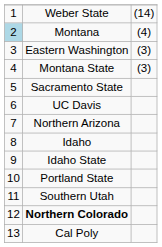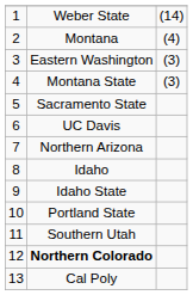 <table class="wikitable" style="display: inline-table;">
 <tr align="center">
 </tr>
 <tr align="center">
 <td>1</td>
 <td>Weber State</td>
 <td>(14)</td>
 </tr>
 <tr align="center">
-<td style="background: lightblue;">2</td>
+<td>2</td>
 <td>Montana</td>
 <td>(4)</td>
 </tr>
 <tr align="center">
 <td>3</td>
 <td>Eastern Washington</td>
 <td>(3)</td>
 </tr>
 <tr align="center">
 <td>4</td>
 <td>Montana State</td>
 <td>(3)</td>
 </tr>
 <tr align="center">
 <td>5</td>
 <td>Sacramento State</td>
 <td></td>
 </tr>
 <tr align="center">
 <td>6</td>
 <td>UC Davis</td>
 <td></td>
 </tr>
 <tr align="center">
 <td>7</td>
 <td>Northern Arizona</td>
 <td></td>
 </tr>
 <tr align="center">
 <td>8</td>
 <td>Idaho</td>
 <td></td>
 </tr>
 <tr align="center">
 <td>9</td>
 <td>Idaho State</td>
 <td></td>
 </tr>
 <tr align="center">
 <td>10</td>
 <td>Portland State</td>
 <td></td>
 </tr>
 <tr align="center">
 <td>11</td>
 <td>Southern Utah</td>
 <td></td>
 </tr>
 <tr align="center">
 <td>12</td>
 <td><strong>Northern Colorado</strong></td>
 <td></td>
 </tr>
 <tr align="center">
 <td>13</td>
 <td>Cal Poly</td>
 <td></td>
 </tr>
 </table>
